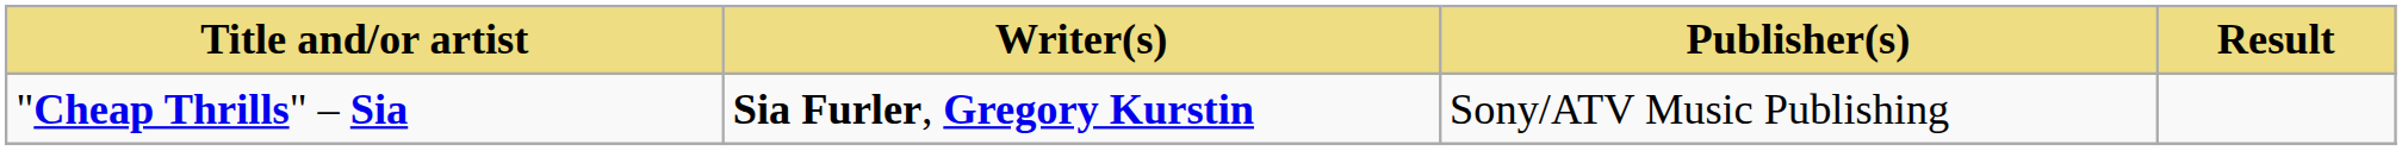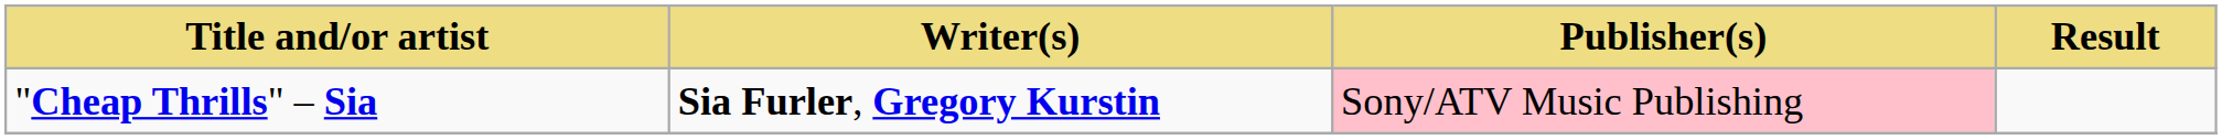 <table class="wikitable" width=100%>
 <tr>
 <th style="width:30%;background:#EEDD82;">Title and/or artist</th>
 <th style="width:30%;background:#EEDD82;">Writer(s)</th>
 <th style="width:30%;background:#EEDD82;">Publisher(s)</th>
 <th style="width:10%;background:#EEDD82;">Result</th>
 </tr>
 <tr>
 <td>"<strong><a href='#'>Cheap Thrills</a></strong>" – <strong><a href='#'>Sia</a></strong></td>
 <td><strong>Sia Furler</strong>, <strong><a href='#'>Gregory Kurstin</a></strong></td>
-<td>Sony/ATV Music Publishing</td>
+<td style="background: pink;">Sony/ATV Music Publishing</td>
 <td></td>
 </tr>
 <tr>
 </tr>
 </table>
